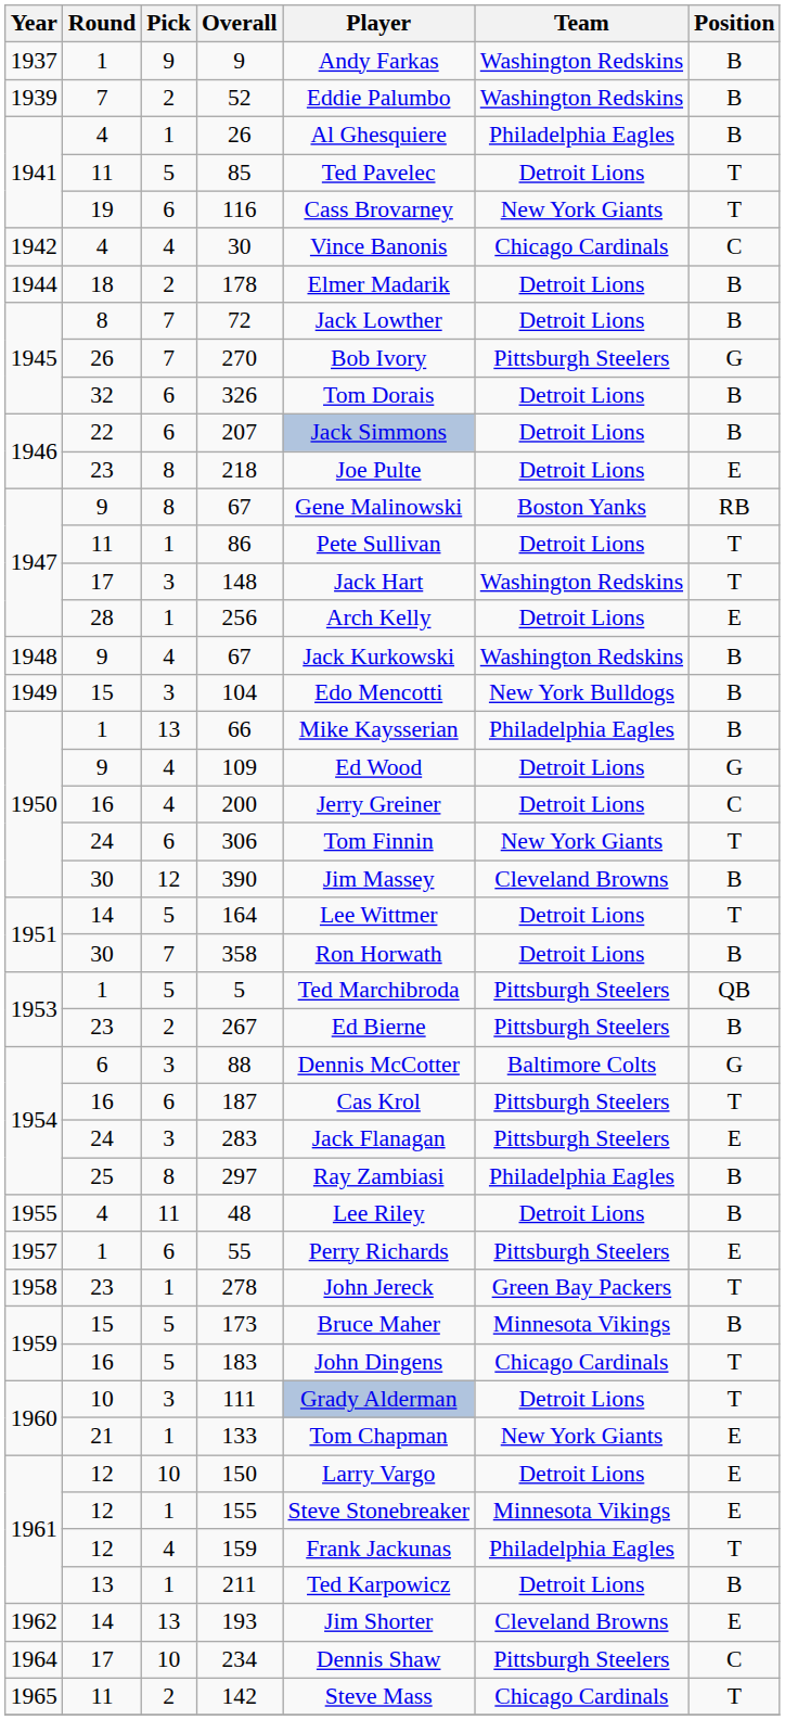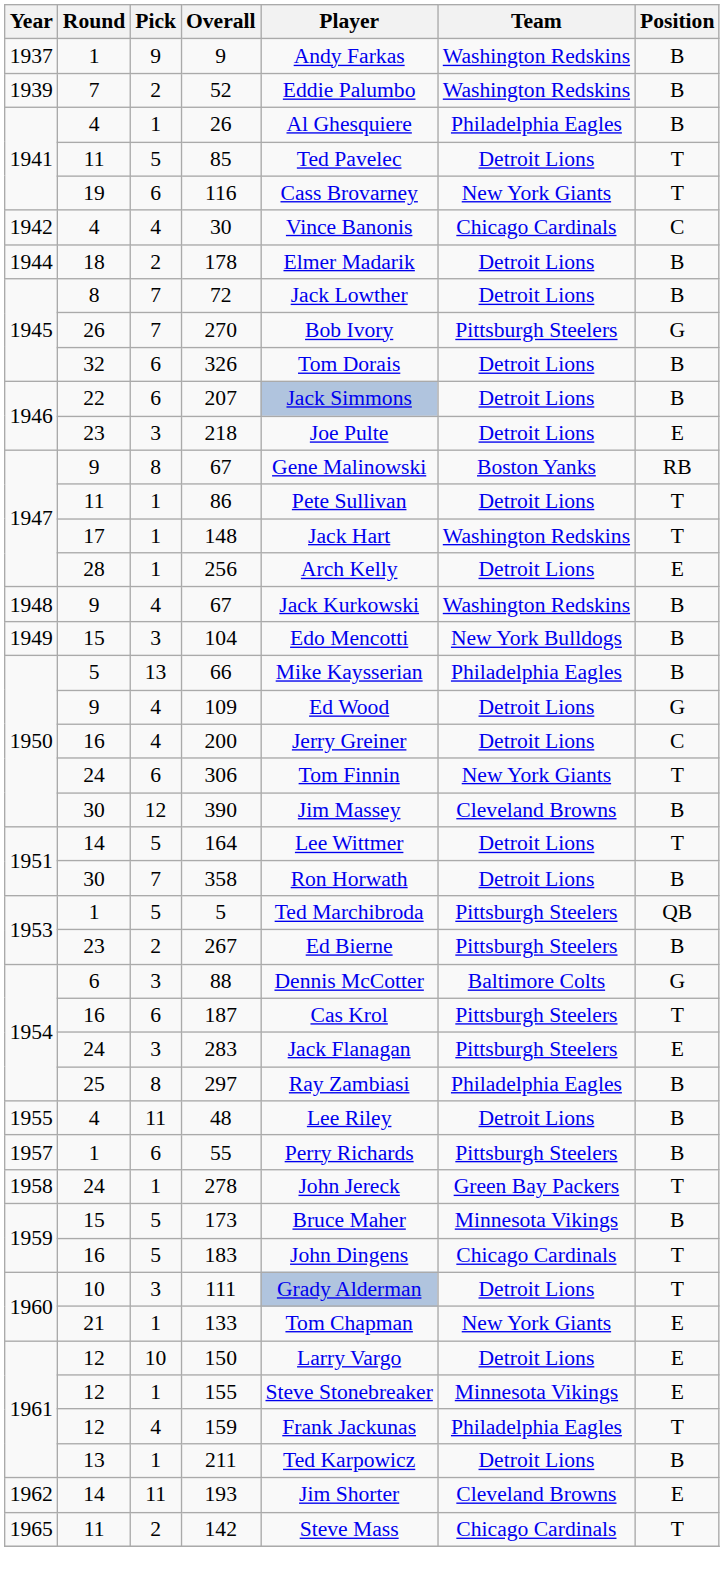 <table class="wikitable sortable" style="text-align: center;">
 <tr>
 <th>Year</th>
 <th>Round</th>
 <th>Pick</th>
 <th>Overall</th>
 <th>Player</th>
 <th>Team</th>
 <th>Position</th>
 </tr>
 <tr>
 <td>1937</td>
 <td>1</td>
 <td>9</td>
 <td>9</td>
 <td><a href='#'>Andy Farkas</a></td>
 <td><a href='#'>Washington Redskins</a></td>
 <td>B</td>
 </tr>
 <tr>
 <td>1939</td>
 <td>7</td>
 <td>2</td>
 <td>52</td>
 <td><a href='#'>Eddie Palumbo</a></td>
 <td><a href='#'>Washington Redskins</a></td>
 <td>B</td>
 </tr>
 <tr>
 <td rowspan="3">1941</td>
 <td>4</td>
 <td>1</td>
 <td>26</td>
 <td><a href='#'>Al Ghesquiere</a></td>
 <td><a href='#'>Philadelphia Eagles</a></td>
 <td>B</td>
 </tr>
 <tr>
 <td>11</td>
 <td>5</td>
 <td>85</td>
 <td><a href='#'>Ted Pavelec</a></td>
 <td><a href='#'>Detroit Lions</a></td>
 <td>T</td>
 </tr>
 <tr>
 <td>19</td>
 <td>6</td>
 <td>116</td>
 <td><a href='#'>Cass Brovarney</a></td>
 <td><a href='#'>New York Giants</a></td>
 <td>T</td>
 </tr>
 <tr>
 <td>1942</td>
 <td>4</td>
 <td>4</td>
 <td>30</td>
 <td><a href='#'>Vince Banonis</a></td>
 <td><a href='#'>Chicago Cardinals</a></td>
 <td>C</td>
 </tr>
 <tr>
 <td>1944</td>
 <td>18</td>
 <td>2</td>
 <td>178</td>
 <td><a href='#'>Elmer Madarik</a></td>
 <td><a href='#'>Detroit Lions</a></td>
 <td>B</td>
 </tr>
 <tr>
 <td rowspan="3">1945</td>
 <td>8</td>
 <td>7</td>
 <td>72</td>
 <td><a href='#'>Jack Lowther</a></td>
 <td><a href='#'>Detroit Lions</a></td>
 <td>B</td>
 </tr>
 <tr>
 <td>26</td>
 <td>7</td>
 <td>270</td>
 <td><a href='#'>Bob Ivory</a></td>
 <td><a href='#'>Pittsburgh Steelers</a></td>
 <td>G</td>
 </tr>
 <tr>
 <td>32</td>
 <td>6</td>
 <td>326</td>
 <td><a href='#'>Tom Dorais</a></td>
 <td><a href='#'>Detroit Lions</a></td>
 <td>B</td>
 </tr>
 <tr>
 <td rowspan="2">1946</td>
 <td>22</td>
 <td>6</td>
 <td>207</td>
 <td style="background-color:lightsteelblue"><a href='#'>Jack Simmons</a></td>
 <td><a href='#'>Detroit Lions</a></td>
 <td>B</td>
 </tr>
 <tr>
 <td>23</td>
-<td>8</td>
+<td>3</td>
 <td>218</td>
 <td><a href='#'>Joe Pulte</a></td>
 <td><a href='#'>Detroit Lions</a></td>
 <td>E</td>
 </tr>
 <tr>
 <td rowspan="4">1947</td>
 <td>9</td>
 <td>8</td>
 <td>67</td>
 <td><a href='#'>Gene Malinowski</a></td>
 <td><a href='#'>Boston Yanks</a></td>
 <td>RB</td>
 </tr>
 <tr>
 <td>11</td>
 <td>1</td>
 <td>86</td>
 <td><a href='#'>Pete Sullivan</a></td>
 <td><a href='#'>Detroit Lions</a></td>
 <td>T</td>
 </tr>
 <tr>
 <td>17</td>
-<td>3</td>
+<td>1</td>
 <td>148</td>
 <td><a href='#'>Jack Hart</a></td>
 <td><a href='#'>Washington Redskins</a></td>
 <td>T</td>
 </tr>
 <tr>
 <td>28</td>
 <td>1</td>
 <td>256</td>
 <td><a href='#'>Arch Kelly</a></td>
 <td><a href='#'>Detroit Lions</a></td>
 <td>E</td>
 </tr>
 <tr>
 <td>1948</td>
 <td>9</td>
 <td>4</td>
 <td>67</td>
 <td><a href='#'>Jack Kurkowski</a></td>
 <td><a href='#'>Washington Redskins</a></td>
 <td>B</td>
 </tr>
 <tr>
 <td>1949</td>
 <td>15</td>
 <td>3</td>
 <td>104</td>
 <td><a href='#'>Edo Mencotti</a></td>
 <td><a href='#'>New York Bulldogs</a></td>
 <td>B</td>
 </tr>
 <tr>
 <td rowspan="5">1950</td>
-<td>1</td>
+<td>5</td>
 <td>13</td>
 <td>66</td>
 <td><a href='#'>Mike Kaysserian</a></td>
 <td><a href='#'>Philadelphia Eagles</a></td>
 <td>B</td>
 </tr>
 <tr>
 <td>9</td>
 <td>4</td>
 <td>109</td>
 <td><a href='#'>Ed Wood</a></td>
 <td><a href='#'>Detroit Lions</a></td>
 <td>G</td>
 </tr>
 <tr>
 <td>16</td>
 <td>4</td>
 <td>200</td>
 <td><a href='#'>Jerry Greiner</a></td>
 <td><a href='#'>Detroit Lions</a></td>
 <td>C</td>
 </tr>
 <tr>
 <td>24</td>
 <td>6</td>
 <td>306</td>
 <td><a href='#'>Tom Finnin</a></td>
 <td><a href='#'>New York Giants</a></td>
 <td>T</td>
 </tr>
 <tr>
 <td>30</td>
 <td>12</td>
 <td>390</td>
 <td><a href='#'>Jim Massey</a></td>
 <td><a href='#'>Cleveland Browns</a></td>
 <td>B</td>
 </tr>
 <tr>
 <td rowspan="2">1951</td>
 <td>14</td>
 <td>5</td>
 <td>164</td>
 <td><a href='#'>Lee Wittmer</a></td>
 <td><a href='#'>Detroit Lions</a></td>
 <td>T</td>
 </tr>
 <tr>
 <td>30</td>
 <td>7</td>
 <td>358</td>
 <td><a href='#'>Ron Horwath</a></td>
 <td><a href='#'>Detroit Lions</a></td>
 <td>B</td>
 </tr>
 <tr>
 <td rowspan="2">1953</td>
 <td>1</td>
 <td>5</td>
 <td>5</td>
 <td><a href='#'>Ted Marchibroda</a></td>
 <td><a href='#'>Pittsburgh Steelers</a></td>
 <td>QB</td>
 </tr>
 <tr>
 <td>23</td>
 <td>2</td>
 <td>267</td>
 <td><a href='#'>Ed Bierne</a></td>
 <td><a href='#'>Pittsburgh Steelers</a></td>
 <td>B</td>
 </tr>
 <tr>
 <td rowspan="4">1954</td>
 <td>6</td>
 <td>3</td>
 <td>88</td>
 <td><a href='#'>Dennis McCotter</a></td>
 <td><a href='#'>Baltimore Colts</a></td>
 <td>G</td>
 </tr>
 <tr>
 <td>16</td>
 <td>6</td>
 <td>187</td>
 <td><a href='#'>Cas Krol</a></td>
 <td><a href='#'>Pittsburgh Steelers</a></td>
 <td>T</td>
 </tr>
 <tr>
 <td>24</td>
 <td>3</td>
 <td>283</td>
 <td><a href='#'>Jack Flanagan</a></td>
 <td><a href='#'>Pittsburgh Steelers</a></td>
 <td>E</td>
 </tr>
 <tr>
 <td>25</td>
 <td>8</td>
 <td>297</td>
 <td><a href='#'>Ray Zambiasi</a></td>
 <td><a href='#'>Philadelphia Eagles</a></td>
 <td>B</td>
 </tr>
 <tr>
 <td>1955</td>
 <td>4</td>
 <td>11</td>
 <td>48</td>
 <td><a href='#'>Lee Riley</a></td>
 <td><a href='#'>Detroit Lions</a></td>
 <td>B</td>
 </tr>
 <tr>
 <td>1957</td>
 <td>1</td>
 <td>6</td>
 <td>55</td>
 <td><a href='#'>Perry Richards</a></td>
 <td><a href='#'>Pittsburgh Steelers</a></td>
-<td>E</td>
+<td>B</td>
 </tr>
 <tr>
 <td>1958</td>
-<td>23</td>
+<td>24</td>
 <td>1</td>
 <td>278</td>
 <td><a href='#'>John Jereck</a></td>
 <td><a href='#'>Green Bay Packers</a></td>
 <td>T</td>
 </tr>
 <tr>
 <td rowspan="2">1959</td>
 <td>15</td>
 <td>5</td>
 <td>173</td>
 <td><a href='#'>Bruce Maher</a></td>
 <td><a href='#'>Minnesota Vikings</a></td>
 <td>B</td>
 </tr>
 <tr>
 <td>16</td>
 <td>5</td>
 <td>183</td>
 <td><a href='#'>John Dingens</a></td>
 <td><a href='#'>Chicago Cardinals</a></td>
 <td>T</td>
 </tr>
 <tr>
 <td rowspan="2">1960</td>
 <td>10</td>
 <td>3</td>
 <td>111</td>
 <td style="background-color:lightsteelblue"><a href='#'>Grady Alderman</a></td>
 <td><a href='#'>Detroit Lions</a></td>
 <td>T</td>
 </tr>
 <tr>
 <td>21</td>
 <td>1</td>
 <td>133</td>
 <td><a href='#'>Tom Chapman</a></td>
 <td><a href='#'>New York Giants</a></td>
 <td>E</td>
 </tr>
 <tr>
 <td rowspan="4">1961</td>
 <td>12</td>
 <td>10</td>
 <td>150</td>
 <td><a href='#'>Larry Vargo</a></td>
 <td><a href='#'>Detroit Lions</a></td>
 <td>E</td>
 </tr>
 <tr>
 <td>12</td>
 <td>1</td>
 <td>155</td>
 <td><a href='#'>Steve Stonebreaker</a></td>
 <td><a href='#'>Minnesota Vikings</a></td>
 <td>E</td>
 </tr>
 <tr>
 <td>12</td>
 <td>4</td>
 <td>159</td>
 <td><a href='#'>Frank Jackunas</a></td>
 <td><a href='#'>Philadelphia Eagles</a></td>
 <td>T</td>
 </tr>
 <tr>
 <td>13</td>
 <td>1</td>
 <td>211</td>
 <td><a href='#'>Ted Karpowicz</a></td>
 <td><a href='#'>Detroit Lions</a></td>
 <td>B</td>
 </tr>
 <tr>
 <td>1962</td>
 <td>14</td>
-<td>13</td>
+<td>11</td>
 <td>193</td>
 <td><a href='#'>Jim Shorter</a></td>
 <td><a href='#'>Cleveland Browns</a></td>
 <td>E</td>
-</tr>
-<tr>
-<td>1964</td>
-<td>17</td>
-<td>10</td>
-<td>234</td>
-<td><a href='#'>Dennis Shaw</a></td>
-<td><a href='#'>Pittsburgh Steelers</a></td>
-<td>C</td>
 </tr>
 <tr>
 <td>1965</td>
 <td>11</td>
 <td>2</td>
 <td>142</td>
 <td><a href='#'>Steve Mass</a></td>
 <td><a href='#'>Chicago Cardinals</a></td>
 <td>T</td>
 </tr>
 <tr>
 </tr>
 </table>
